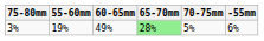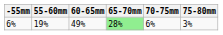 <table class="wikitable">
 <tr>
-<th>75-80mm</th>
+<th>-55mm</th>
 <th>55-60mm</th>
 <th>60-65mm</th>
 <th>65-70mm</th>
 <th>70-75mm</th>
-<th>-55mm</th>
+<th>75-80mm</th>
 </tr>
 <tr>
-<td>3%</td>
+<td>6%</td>
 <td>19%</td>
 <td>49%</td>
 <td style="background: lightgreen;">28%</td>
-<td>5%</td>
 <td>6%</td>
+<td>3%</td>
 </tr>
 </table>
